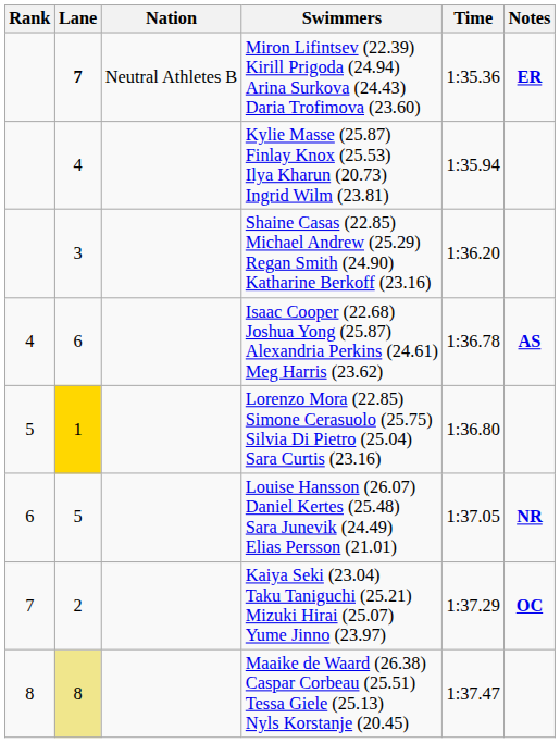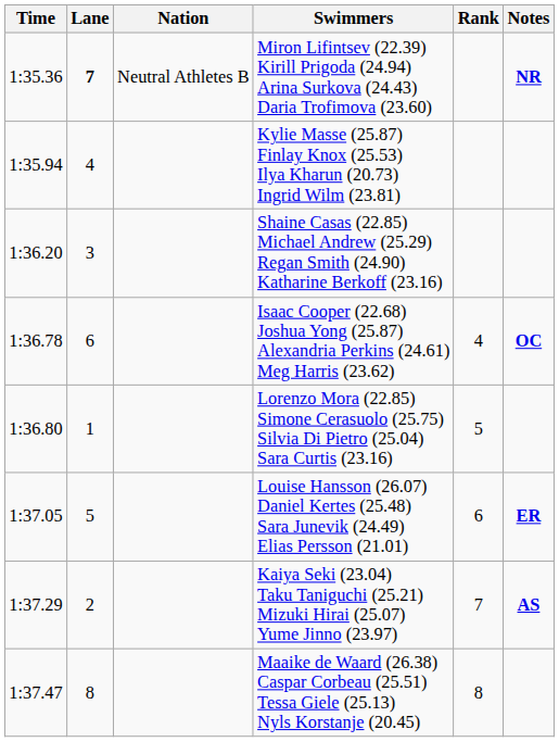 <table class="wikitable sortable" style="text-align:center">
 <tr>
-<th>Rank</th>
+<th>Time</th>
 <th>Lane</th>
 <th>Nation</th>
 <th>Swimmers</th>
-<th>Time</th>
+<th>Rank</th>
 <th>Notes</th>
 </tr>
 <tr>
-<td></td>
+<td>1:35.36</td>
 <td><strong>7</strong></td>
 <td align=left> Neutral Athletes B</td>
 <td align=left><a href='#'>Miron Lifintsev</a> (22.39)<br><a href='#'>Kirill Prigoda</a> (24.94)<br><a href='#'>Arina Surkova</a> (24.43)<br><a href='#'>Daria Trofimova</a> (23.60)</td>
-<td>1:35.36</td>
+<td></td>
+<td><strong><a href='#'>NR</a></strong></td>
+</tr>
+<tr>
+<td>1:35.94</td>
+<td>4</td>
+<td align=left></td>
+<td align=left><a href='#'>Kylie Masse</a> (25.87)<br><a href='#'>Finlay Knox</a> (25.53)<br><a href='#'>Ilya Kharun</a> (20.73)<br><a href='#'>Ingrid Wilm</a> (23.81)</td>
+<td></td>
+<td></td>
+</tr>
+<tr>
+<td>1:36.20</td>
+<td>3</td>
+<td align=left></td>
+<td align=left><a href='#'>Shaine Casas</a> (22.85)<br><a href='#'>Michael Andrew</a> (25.29)<br><a href='#'>Regan Smith</a> (24.90)<br><a href='#'>Katharine Berkoff</a> (23.16)</td>
+<td></td>
+<td></td>
+</tr>
+<tr>
+<td>1:36.78</td>
+<td>6</td>
+<td align=left></td>
+<td align=left><a href='#'>Isaac Cooper</a> (22.68)<br><a href='#'>Joshua Yong</a> (25.87)<br><a href='#'>Alexandria Perkins</a> (24.61)<br><a href='#'>Meg Harris</a> (23.62)</td>
+<td>4</td>
+<td><a href='#'><strong>OC</strong></a></td>
+</tr>
+<tr>
+<td>1:36.80</td>
+<td>1</td>
+<td align=left></td>
+<td align=left><a href='#'>Lorenzo Mora</a> (22.85)<br><a href='#'>Simone Cerasuolo</a> (25.75)<br><a href='#'>Silvia Di Pietro</a> (25.04)<br><a href='#'>Sara Curtis</a> (23.16)</td>
+<td>5</td>
+<td></td>
+</tr>
+<tr>
+<td>1:37.05</td>
+<td>5</td>
+<td align=left></td>
+<td align=left><a href='#'>Louise Hansson</a> (26.07)<br><a href='#'>Daniel Kertes</a> (25.48)<br><a href='#'>Sara Junevik</a> (24.49)<br><a href='#'>Elias Persson</a> (21.01)</td>
+<td>6</td>
 <td><a href='#'><strong>ER</strong></a></td>
 </tr>
 <tr>
-<td></td>
-<td>4</td>
+<td>1:37.29</td>
+<td>2</td>
 <td align=left></td>
-<td align=left><a href='#'>Kylie Masse</a> (25.87)<br><a href='#'>Finlay Knox</a> (25.53)<br><a href='#'>Ilya Kharun</a> (20.73)<br><a href='#'>Ingrid Wilm</a> (23.81)</td>
-<td>1:35.94</td>
-<td></td>
-</tr>
-<tr>
-<td></td>
-<td>3</td>
-<td align=left></td>
-<td align=left><a href='#'>Shaine Casas</a> (22.85)<br><a href='#'>Michael Andrew</a> (25.29)<br><a href='#'>Regan Smith</a> (24.90)<br><a href='#'>Katharine Berkoff</a> (23.16)</td>
-<td>1:36.20</td>
-<td></td>
-</tr>
-<tr>
-<td>4</td>
-<td>6</td>
-<td align=left></td>
-<td align=left><a href='#'>Isaac Cooper</a> (22.68)<br><a href='#'>Joshua Yong</a> (25.87)<br><a href='#'>Alexandria Perkins</a> (24.61)<br><a href='#'>Meg Harris</a> (23.62)</td>
-<td>1:36.78</td>
+<td align=left><a href='#'>Kaiya Seki</a> (23.04)<br><a href='#'>Taku Taniguchi</a> (25.21)<br><a href='#'>Mizuki Hirai</a> (25.07)<br><a href='#'>Yume Jinno</a> (23.97)</td>
+<td>7</td>
 <td><a href='#'><strong>AS</strong></a></td>
 </tr>
 <tr>
-<td>5</td>
-<td style="background: gold;">1</td>
-<td align=left></td>
-<td align=left><a href='#'>Lorenzo Mora</a> (22.85)<br><a href='#'>Simone Cerasuolo</a> (25.75)<br><a href='#'>Silvia Di Pietro</a> (25.04)<br><a href='#'>Sara Curtis</a> (23.16)</td>
-<td>1:36.80</td>
-<td></td>
-</tr>
-<tr>
-<td>6</td>
-<td>5</td>
-<td align=left></td>
-<td align=left><a href='#'>Louise Hansson</a> (26.07)<br><a href='#'>Daniel Kertes</a> (25.48)<br><a href='#'>Sara Junevik</a> (24.49)<br><a href='#'>Elias Persson</a> (21.01)</td>
-<td>1:37.05</td>
-<td><strong><a href='#'>NR</a></strong></td>
-</tr>
-<tr>
-<td>7</td>
-<td>2</td>
-<td align=left></td>
-<td align=left><a href='#'>Kaiya Seki</a> (23.04)<br><a href='#'>Taku Taniguchi</a> (25.21)<br><a href='#'>Mizuki Hirai</a> (25.07)<br><a href='#'>Yume Jinno</a> (23.97)</td>
-<td>1:37.29</td>
-<td><a href='#'><strong>OC</strong></a></td>
-</tr>
-<tr>
+<td>1:37.47</td>
 <td>8</td>
-<td style="background: khaki;">8</td>
 <td align=left></td>
 <td align=left><a href='#'>Maaike de Waard</a> (26.38)<br><a href='#'>Caspar Corbeau</a> (25.51)<br><a href='#'>Tessa Giele</a> (25.13)<br><a href='#'>Nyls Korstanje</a> (20.45)</td>
-<td>1:37.47</td>
+<td>8</td>
 <td></td>
 </tr>
 </table>
